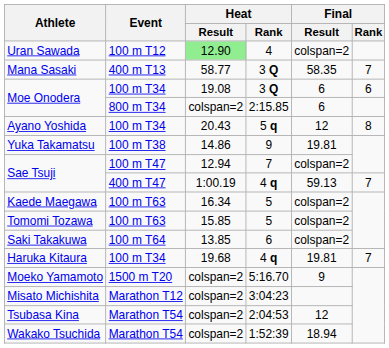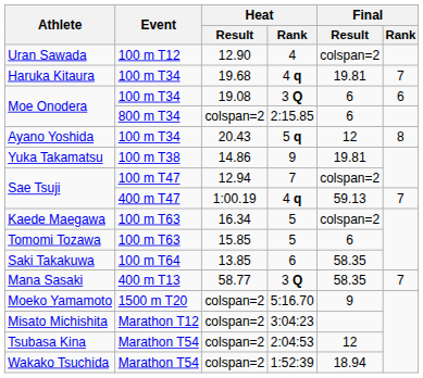 <table class="wikitable" style="font-size:90%">
 <tr>
 <th rowspan="2">Athlete</th>
 <th rowspan="2">Event</th>
 <th colspan="2">Heat</th>
 <th colspan="2">Final</th>
 </tr>
 <tr style="font-size:95%">
 <th>Result</th>
 <th>Rank</th>
 <th>Result</th>
 <th>Rank</th>
 </tr>
 <tr align=center>
 <td align=left><a href='#'>Uran Sawada</a></td>
 <td align=left><a href='#'>100 m T12</a></td>
-<td style="background: lightgreen;">12.90</td>
+<td>12.90</td>
 <td>4</td>
 <td>colspan=2 </td>
 </tr>
 <tr align=center>
-<td align=left><a href='#'>Mana Sasaki</a></td>
-<td align=left><a href='#'>400 m T13</a></td>
-<td>58.77</td>
-<td>3 <strong>Q</strong></td>
-<td>58.35</td>
+<td align=left><a href='#'>Haruka Kitaura</a></td>
+<td align=left><a href='#'>100 m T34</a></td>
+<td>19.68</td>
+<td>4 <strong>q</strong></td>
+<td>19.81</td>
 <td>7</td>
 </tr>
 <tr align=center>
 <td align=left rowspan=2><a href='#'>Moe Onodera</a></td>
 <td align=left><a href='#'>100 m T34</a></td>
 <td>19.08</td>
 <td>3 <strong>Q</strong></td>
 <td>6</td>
 <td>6</td>
 </tr>
 <tr align=center>
 <td align=left><a href='#'>800 m T34</a></td>
 <td>colspan=2 </td>
 <td>2:15.85</td>
 <td>6</td>
 </tr>
 <tr align=center>
 <td align=left><a href='#'>Ayano Yoshida</a></td>
 <td align=left><a href='#'>100 m T34</a></td>
 <td>20.43</td>
 <td>5 <strong>q</strong></td>
 <td>12</td>
 <td>8</td>
 </tr>
 <tr align=center>
 <td align=left><a href='#'>Yuka Takamatsu</a></td>
 <td align=left><a href='#'>100 m T38</a></td>
 <td>14.86</td>
 <td>9</td>
 <td>19.81</td>
 </tr>
 <tr align=center>
 <td align=left rowspan=2><a href='#'>Sae Tsuji</a></td>
 <td align=left><a href='#'>100 m T47</a></td>
 <td>12.94</td>
 <td>7</td>
 <td>colspan=2 </td>
 </tr>
 <tr align=center>
 <td align=left><a href='#'>400 m T47</a></td>
 <td>1:00.19</td>
 <td>4 <strong>q</strong></td>
 <td>59.13</td>
 <td>7</td>
 </tr>
 <tr align=center>
 <td align=left><a href='#'>Kaede Maegawa</a></td>
 <td align=left><a href='#'>100 m T63</a></td>
 <td>16.34</td>
 <td>5</td>
 <td>colspan=2 </td>
 </tr>
 <tr align=center>
 <td align=left><a href='#'>Tomomi Tozawa</a></td>
 <td align=left><a href='#'>100 m T63</a></td>
 <td>15.85</td>
 <td>5</td>
-<td>colspan=2 </td>
+<td>6</td>
 </tr>
 <tr align=center>
 <td align=left><a href='#'>Saki Takakuwa</a></td>
 <td align=left><a href='#'>100 m T64</a></td>
 <td>13.85</td>
 <td>6</td>
-<td>colspan=2 </td>
+<td>58.35</td>
 </tr>
 <tr align=center>
-<td align=left><a href='#'>Haruka Kitaura</a></td>
-<td align=left><a href='#'>100 m T34</a></td>
-<td>19.68</td>
-<td>4 <strong>q</strong></td>
-<td>19.81</td>
+<td align=left><a href='#'>Mana Sasaki</a></td>
+<td align=left><a href='#'>400 m T13</a></td>
+<td>58.77</td>
+<td>3 <strong>Q</strong></td>
+<td>58.35</td>
 <td>7</td>
 </tr>
 <tr align=center>
 <td align=left><a href='#'>Moeko Yamamoto</a></td>
 <td align=left><a href='#'>1500 m T20</a></td>
 <td>colspan=2 </td>
 <td>5:16.70</td>
 <td>9</td>
 </tr>
 <tr align=center>
 <td align=left><a href='#'>Misato Michishita</a></td>
 <td align=left><a href='#'>Marathon T12</a></td>
 <td>colspan=2 </td>
 <td>3:04:23</td>
 <td></td>
 </tr>
 <tr align=center>
 <td align=left><a href='#'>Tsubasa Kina</a></td>
 <td align=left><a href='#'>Marathon T54</a></td>
 <td>colspan=2 </td>
 <td>2:04:53</td>
 <td>12</td>
 </tr>
 <tr align=center>
 <td align=left><a href='#'>Wakako Tsuchida</a></td>
 <td align=left><a href='#'>Marathon T54</a></td>
 <td>colspan=2 </td>
 <td>1:52:39</td>
 <td>18.94</td>
 </tr>
 </table>
